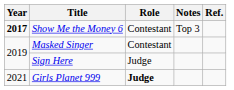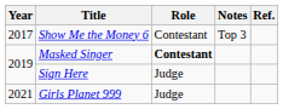 <table class="wikitable plainrowheaders">
 <tr>
 <th>Year</th>
 <th>Title</th>
 <th>Role</th>
 <th>Notes</th>
 <th>Ref.</th>
 </tr>
 <tr>
-<td><strong>2017</strong></td>
+<td>2017</td>
 <td><em><a href='#'>Show Me the Money 6</a></em></td>
 <td>Contestant</td>
 <td>Top 3</td>
 <td></td>
 </tr>
 <tr>
 <td rowspan="2">2019</td>
 <td><em><a href='#'>Masked Singer</a></em></td>
-<td>Contestant</td>
+<td><strong>Contestant</strong></td>
 <td></td>
 <td></td>
 </tr>
 <tr>
 <td><em><a href='#'>Sign Here</a></em></td>
 <td>Judge</td>
 <td></td>
 <td></td>
 </tr>
 <tr>
 <td>2021</td>
 <td><em><a href='#'>Girls Planet 999</a></em></td>
-<td><strong>Judge</strong></td>
+<td>Judge</td>
 <td></td>
 <td></td>
 </tr>
 </table>
